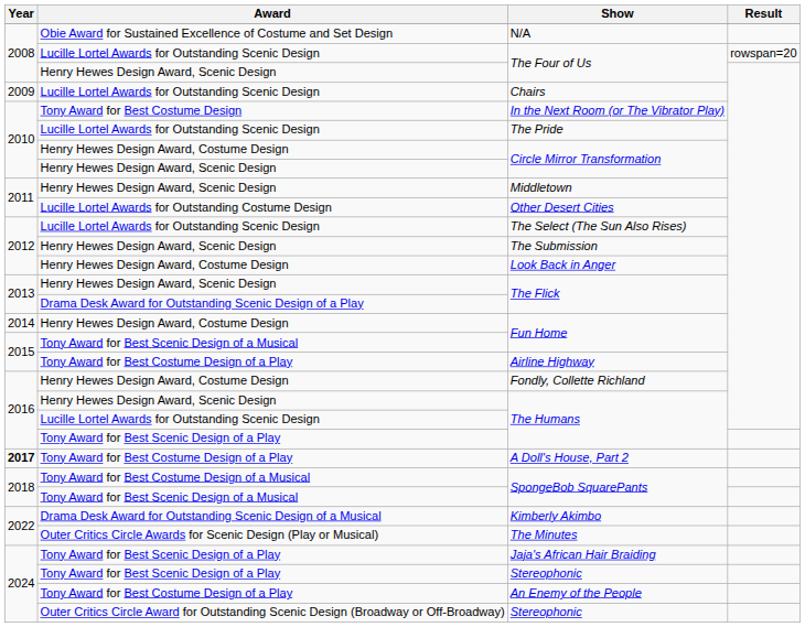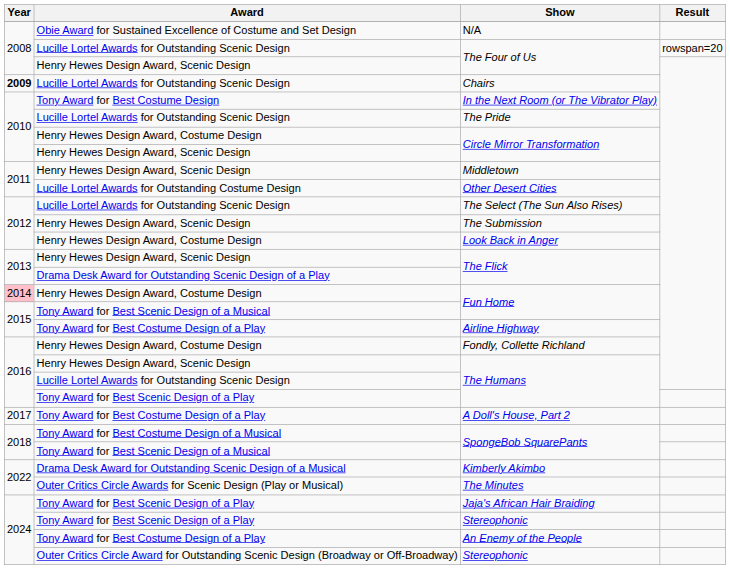 <table class="wikitable">
 <tr>
 <th>Year</th>
 <th>Award</th>
 <th>Show</th>
 <th>Result</th>
 </tr>
 <tr>
 </tr>
 <tr>
 <td rowspan=3>2008</td>
 <td><a href='#'>Obie Award</a> for Sustained Excellence of Costume and Set Design</td>
 <td>N/A</td>
 <td></td>
 </tr>
 <tr>
 <td><a href='#'>Lucille Lortel Awards</a> for Outstanding Scenic Design</td>
 <td rowspan=2><em>The Four of Us</em></td>
 <td>rowspan=20 </td>
 </tr>
 <tr>
 <td>Henry Hewes Design Award, Scenic Design</td>
 </tr>
 <tr>
-<td>2009</td>
+<td><strong>2009</strong></td>
 <td><a href='#'>Lucille Lortel Awards</a> for Outstanding Scenic Design</td>
 <td><em>Chairs</em></td>
 </tr>
 <tr>
 <td rowspan=4>2010</td>
 <td><a href='#'>Tony Award</a> for <a href='#'> Best Costume Design</a></td>
 <td><em><a href='#'>In the Next Room (or The Vibrator Play)</a></em></td>
 </tr>
 <tr>
 <td><a href='#'>Lucille Lortel Awards</a> for Outstanding Scenic Design</td>
 <td><em>The Pride</em></td>
 </tr>
 <tr>
 <td>Henry Hewes Design Award, Costume Design</td>
 <td rowspan=2><em><a href='#'>Circle Mirror Transformation</a></em></td>
 </tr>
 <tr>
 <td>Henry Hewes Design Award, Scenic Design</td>
 </tr>
 <tr>
 <td rowspan=2>2011</td>
 <td>Henry Hewes Design Award, Scenic Design</td>
 <td><em>Middletown</em></td>
 </tr>
 <tr>
 <td><a href='#'>Lucille Lortel Awards</a> for Outstanding Costume Design</td>
 <td><em><a href='#'>Other Desert Cities</a></em></td>
 </tr>
 <tr>
 <td rowspan=3>2012</td>
 <td><a href='#'>Lucille Lortel Awards</a> for Outstanding Scenic Design</td>
 <td><em>The Select (The Sun Also Rises)</em></td>
 </tr>
 <tr>
 <td>Henry Hewes Design Award, Scenic Design</td>
 <td><em>The Submission</em></td>
 </tr>
 <tr>
 <td>Henry Hewes Design Award, Costume Design</td>
 <td><em><a href='#'>Look Back in Anger</a></em></td>
 </tr>
 <tr>
 <td rowspan=2>2013</td>
 <td>Henry Hewes Design Award, Scenic Design</td>
 <td rowspan=2><em><a href='#'>The Flick</a></em></td>
 </tr>
 <tr>
 <td><a href='#'>Drama Desk Award for Outstanding Scenic Design of a Play</a></td>
 </tr>
 <tr>
-<td>2014</td>
+<td style="background: pink;">2014</td>
 <td>Henry Hewes Design Award, Costume Design</td>
 <td rowspan=2><em><a href='#'>Fun Home</a></em></td>
 </tr>
 <tr>
 <td rowspan=2>2015</td>
 <td><a href='#'>Tony Award</a> for <a href='#'>Best Scenic Design of a Musical</a></td>
 </tr>
 <tr>
 <td><a href='#'>Tony Award</a> for <a href='#'>Best Costume Design of a Play</a></td>
 <td><em><a href='#'>Airline Highway</a></em></td>
 </tr>
 <tr>
 <td rowspan=4>2016</td>
 <td>Henry Hewes Design Award, Costume Design</td>
 <td><em>Fondly, Collette Richland</em></td>
 </tr>
 <tr>
 <td>Henry Hewes Design Award, Scenic Design</td>
 <td rowspan=3><em><a href='#'>The Humans</a></em></td>
 </tr>
 <tr>
 <td><a href='#'>Lucille Lortel Awards</a> for Outstanding Scenic Design</td>
 </tr>
 <tr>
 <td><a href='#'>Tony Award</a> for <a href='#'>Best Scenic Design of a Play</a></td>
 <td></td>
 </tr>
 <tr>
-<td><strong>2017</strong></td>
+<td>2017</td>
 <td><a href='#'>Tony Award</a> for <a href='#'>Best Costume Design of a Play</a></td>
 <td><em><a href='#'>A Doll's House, Part 2</a></em></td>
 <td></td>
 </tr>
 <tr>
 <td rowspan=2>2018</td>
 <td><a href='#'>Tony Award</a> for <a href='#'>Best Costume Design of a Musical</a></td>
 <td rowspan=2><em><a href='#'>SpongeBob SquarePants</a></em></td>
 <td></td>
 </tr>
 <tr>
 <td><a href='#'>Tony Award</a> for <a href='#'>Best Scenic Design of a Musical</a></td>
 <td></td>
 </tr>
 <tr>
 <td rowspan=2>2022</td>
 <td><a href='#'>Drama Desk Award for Outstanding Scenic Design of a Musical</a></td>
 <td><em><a href='#'>Kimberly Akimbo</a></em></td>
 <td></td>
 </tr>
 <tr>
 <td><a href='#'>Outer Critics Circle Awards</a> for Scenic Design (Play or Musical)</td>
 <td><em><a href='#'>The Minutes</a></em></td>
 <td></td>
 </tr>
 <tr>
 <td rowspan="4">2024</td>
 <td><a href='#'>Tony Award</a> for <a href='#'>Best Scenic Design of a Play</a></td>
 <td><em><a href='#'>Jaja's African Hair Braiding</a></em></td>
 <td></td>
 </tr>
 <tr>
 <td><a href='#'>Tony Award</a> for <a href='#'>Best Scenic Design of a Play</a></td>
 <td><em><a href='#'>Stereophonic</a></em></td>
 <td></td>
 </tr>
 <tr>
 <td><a href='#'>Tony Award</a> for <a href='#'>Best Costume Design of a Play</a></td>
 <td><em><a href='#'>An Enemy of the People</a></em></td>
 <td></td>
 </tr>
 <tr>
 <td><a href='#'>Outer Critics Circle Award</a> for Outstanding Scenic Design (Broadway or Off-Broadway)</td>
 <td><em><a href='#'>Stereophonic</a></em></td>
 <td></td>
 </tr>
 </table>
